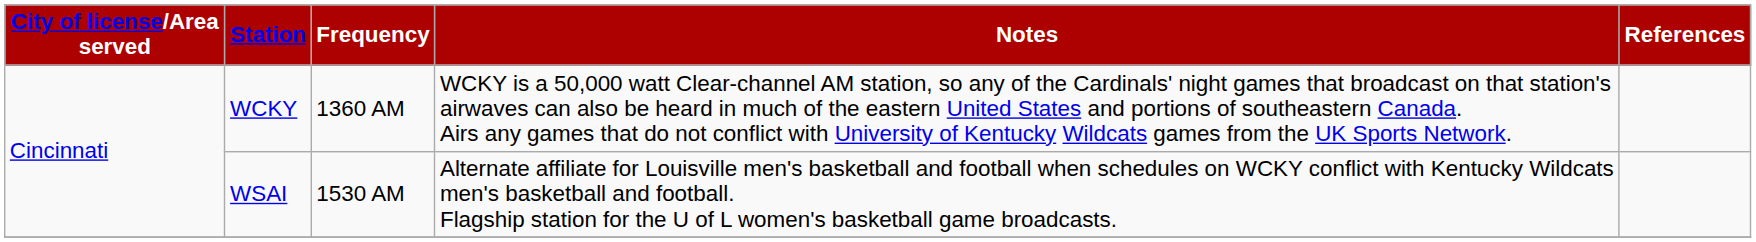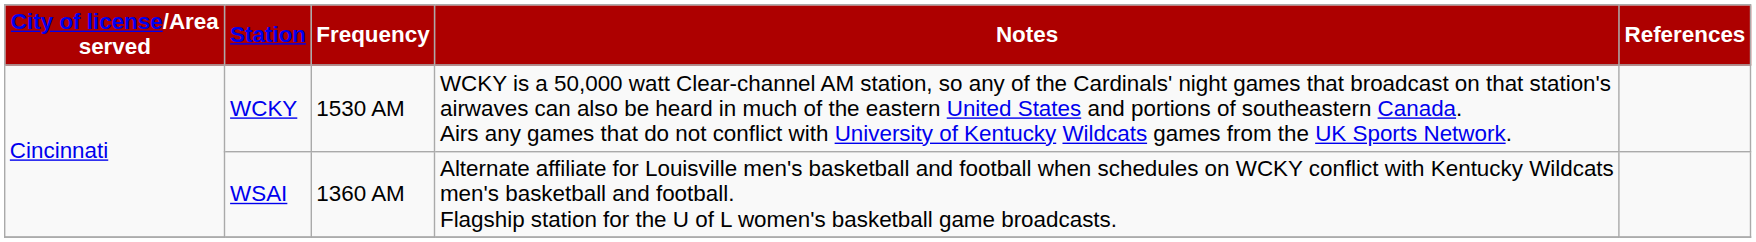 <table class="wikitable">
 <tr>
 <th style="background:#AD0000; color:#FFFFFF; "><a href='#'>City of license</a>/Area served</th>
 <th style="background:#AD0000; color:#FFFFFF; "><a href='#'>Station</a></th>
 <th style="background:#AD0000; color:#FFFFFF; ">Frequency</th>
 <th style="background:#AD0000; color:#FFFFFF; ">Notes</th>
 <th style="background:#AD0000; color:#FFFFFF; ">References</th>
 </tr>
 <tr>
 <td rowspan=2><a href='#'>Cincinnati</a></td>
 <td><a href='#'>WCKY</a></td>
-<td>1360 AM</td>
+<td>1530 AM</td>
 <td>WCKY is a 50,000 watt Clear-channel AM station, so any of the Cardinals' night games that broadcast on that station's airwaves can also be heard in much of the eastern <a href='#'>United States</a> and portions of southeastern <a href='#'>Canada</a>.<br>Airs any games that do not conflict with <a href='#'>University of Kentucky</a> <a href='#'>Wildcats</a> games from the <a href='#'>UK Sports Network</a>.</td>
 <td></td>
 </tr>
 <tr>
 <td><a href='#'>WSAI</a></td>
-<td>1530 AM</td>
+<td>1360 AM</td>
 <td>Alternate affiliate for Louisville men's basketball and football when schedules on WCKY conflict with Kentucky Wildcats men's basketball and football.<br>Flagship station for the U of L women's basketball game broadcasts.</td>
 <td></td>
 </tr>
 <tr>
 </tr>
 </table>
